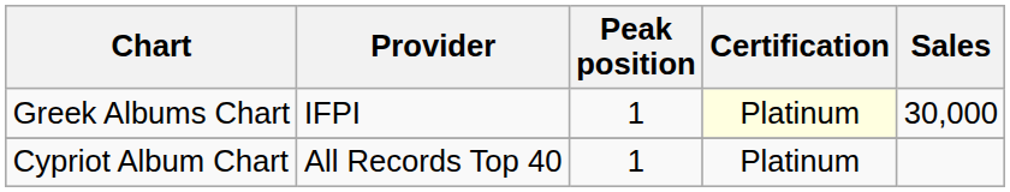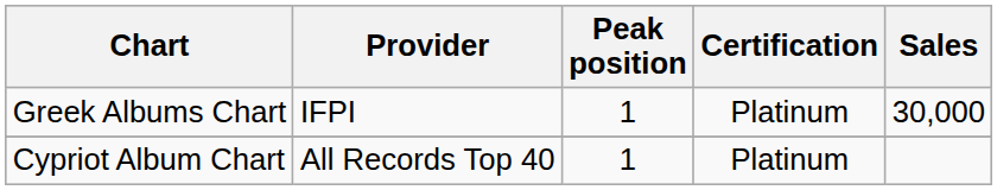 <table class="wikitable">
 <tr>
 <th>Chart</th>
 <th>Provider</th>
 <th>Peak<br>position</th>
 <th>Certification</th>
 <th>Sales</th>
 </tr>
 <tr>
 <td>Greek Albums Chart</td>
 <td>IFPI</td>
 <td align="center">1</td>
-<td align="center" style="background: lightyellow;">Platinum</td>
+<td align="center">Platinum</td>
 <td align="center">30,000</td>
 </tr>
 <tr>
 </tr>
 <tr>
 <td>Cypriot Album Chart</td>
 <td>All Records Top 40 </td>
 <td align="center">1</td>
 <td align="center">Platinum</td>
 <td align="center"></td>
 </tr>
 </table>
